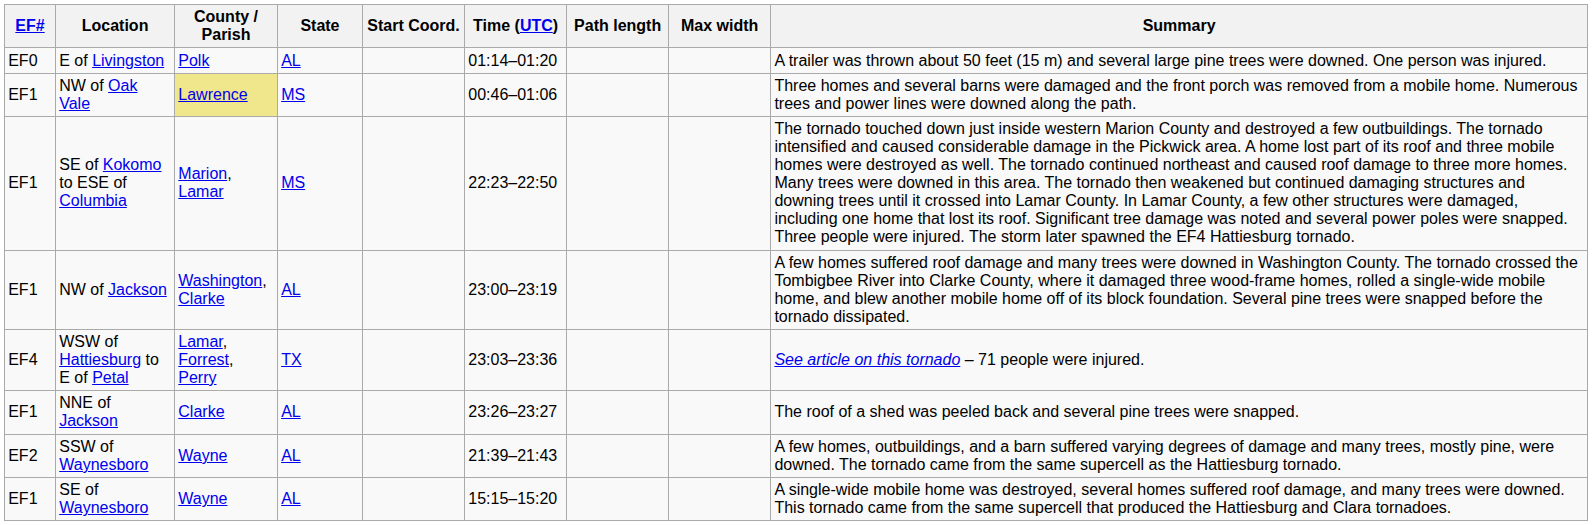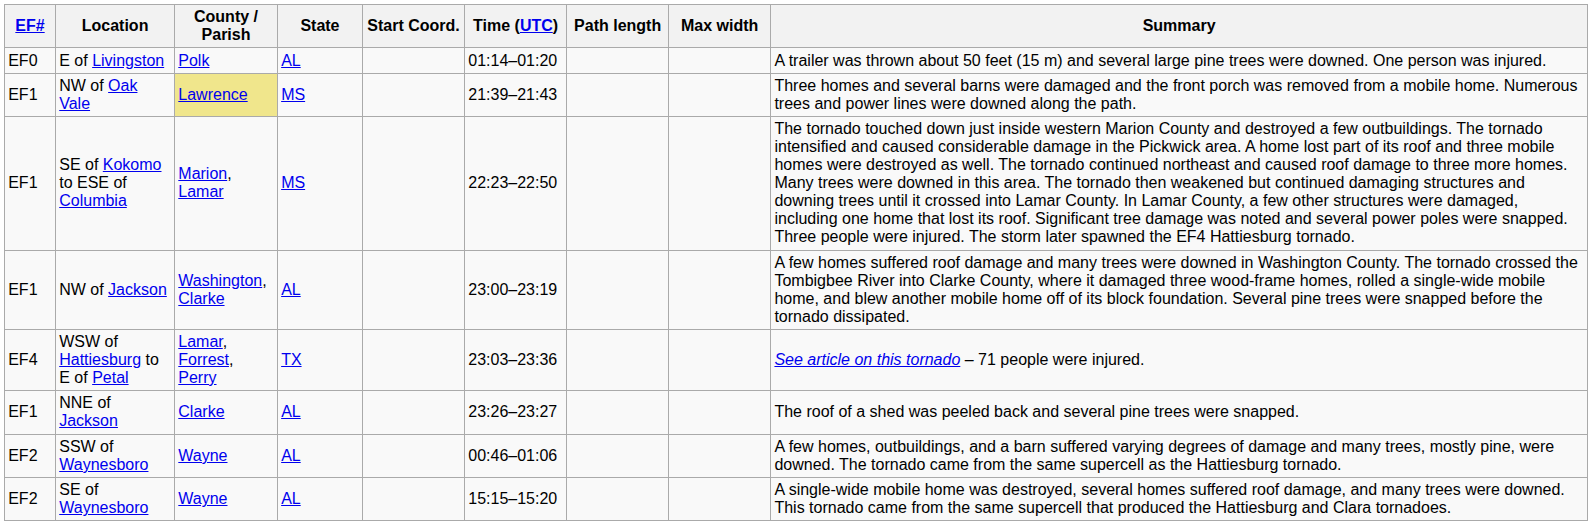 <table class="wikitable sortable" style="width:100%;">
 <tr>
 <th scope="col"  style="width:3%; text-align:center;"><a href='#'>EF#</a></th>
 <th scope="col"  style="width:7%; text-align:center;" class="unsortable">Location</th>
 <th scope="col"  style="width:6%; text-align:center;" class="unsortable">County / Parish</th>
 <th scope="col"  style="width:5%; text-align:center;">State</th>
 <th scope="col"  style="width:6%; text-align:center;">Start Coord.</th>
 <th scope="col"  style="width:6%; text-align:center;">Time (<a href='#'>UTC</a>)</th>
 <th scope="col"  style="width:6%; text-align:center;">Path length</th>
 <th scope="col"  style="width:6%; text-align:center;">Max width</th>
 <th scope="col" class="unsortable" style="width:48%; text-align:center;">Summary</th>
 </tr>
 <tr>
 <td>EF0</td>
 <td>E of <a href='#'>Livingston</a></td>
 <td><a href='#'>Polk</a></td>
 <td><a href='#'>AL</a></td>
 <td></td>
 <td>01:14–01:20</td>
 <td></td>
 <td></td>
 <td>A trailer was thrown about 50 feet (15 m) and several large pine trees were downed. One person was injured.</td>
 </tr>
 <tr>
 <td>EF1</td>
 <td>NW of <a href='#'>Oak Vale</a></td>
 <td style="background: khaki;"><a href='#'>Lawrence</a></td>
 <td><a href='#'>MS</a></td>
 <td></td>
-<td>00:46–01:06</td>
+<td>21:39–21:43</td>
 <td></td>
 <td></td>
 <td>Three homes and several barns were damaged and the front porch was removed from a mobile home. Numerous trees and power lines were downed along the path.</td>
 </tr>
 <tr>
 <td>EF1</td>
 <td>SE of <a href='#'>Kokomo</a> to ESE of <a href='#'>Columbia</a></td>
 <td><a href='#'>Marion</a>, <a href='#'>Lamar</a></td>
 <td><a href='#'>MS</a></td>
 <td></td>
 <td>22:23–22:50</td>
 <td></td>
 <td></td>
 <td>The tornado touched down just inside western Marion County and destroyed a few outbuildings. The tornado intensified and caused considerable damage in the Pickwick area. A home lost part of its roof and three mobile homes were destroyed as well. The tornado continued northeast and caused roof damage to three more homes. Many trees were downed in this area. The tornado then weakened but continued damaging structures and downing trees until it crossed into Lamar County. In Lamar County, a few other structures were damaged, including one home that lost its roof. Significant tree damage was noted and several power poles were snapped. Three people were injured. The storm later spawned the EF4 Hattiesburg tornado.</td>
 </tr>
 <tr>
 <td>EF1</td>
 <td>NW of <a href='#'>Jackson</a></td>
 <td><a href='#'>Washington</a>, <a href='#'>Clarke</a></td>
 <td><a href='#'>AL</a></td>
 <td></td>
 <td>23:00–23:19</td>
 <td></td>
 <td></td>
 <td>A few homes suffered roof damage and many trees were downed in Washington County. The tornado crossed the Tombigbee River into Clarke County, where it damaged three wood-frame homes, rolled a single-wide mobile home, and blew another mobile home off of its block foundation. Several pine trees were snapped before the tornado dissipated.</td>
 </tr>
 <tr>
 <td>EF4</td>
 <td>WSW of <a href='#'>Hattiesburg</a> to E of <a href='#'>Petal</a></td>
 <td><a href='#'>Lamar</a>, <a href='#'>Forrest</a>, <a href='#'>Perry</a></td>
 <td><a href='#'>TX</a></td>
 <td></td>
 <td>23:03–23:36</td>
 <td></td>
 <td></td>
 <td><em><a href='#'>See article on this tornado</a></em> – 71 people were injured.</td>
 </tr>
 <tr>
 <td>EF1</td>
 <td>NNE of <a href='#'>Jackson</a></td>
 <td><a href='#'>Clarke</a></td>
 <td><a href='#'>AL</a></td>
 <td></td>
 <td>23:26–23:27</td>
 <td></td>
 <td></td>
 <td>The roof of a shed was peeled back and several pine trees were snapped.</td>
 </tr>
 <tr>
 <td>EF2</td>
 <td>SSW of <a href='#'>Waynesboro</a></td>
 <td><a href='#'>Wayne</a></td>
 <td><a href='#'>AL</a></td>
 <td></td>
-<td>21:39–21:43</td>
+<td>00:46–01:06</td>
 <td></td>
 <td></td>
 <td>A few homes, outbuildings, and a barn suffered varying degrees of damage and many trees, mostly pine, were downed. The tornado came from the same supercell as the Hattiesburg tornado.</td>
 </tr>
 <tr>
-<td>EF1</td>
+<td>EF2</td>
 <td>SE of <a href='#'>Waynesboro</a></td>
 <td><a href='#'>Wayne</a></td>
 <td><a href='#'>AL</a></td>
 <td></td>
 <td>15:15–15:20</td>
 <td></td>
 <td></td>
 <td>A single-wide mobile home was destroyed, several homes suffered roof damage, and many trees were downed. This tornado came from the same supercell that produced the Hattiesburg and Clara tornadoes.</td>
 </tr>
 <tr>
 </tr>
 </table>
